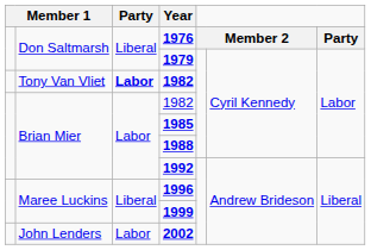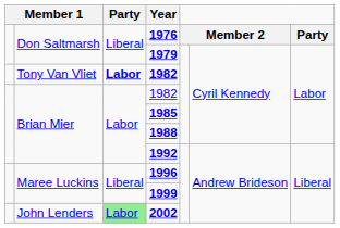 <table class="wikitable">
 <tr>
 <th colspan="2">Member 1</th>
 <th>Party</th>
 <th>Year</th>
 </tr>
 <tr>
 <td rowspan=2 > </td>
 <td rowspan=2><a href='#'>Don Saltmarsh</a></td>
 <td rowspan=2><a href='#'>Liberal</a></td>
 <td><strong><a href='#'>1976</a></strong></td>
 <th colspan="2">Member 2</th>
 <th>Party</th>
 </tr>
 <tr>
 <td><strong><a href='#'>1979</a></strong></td>
 <td rowspan=5 > </td>
 <td rowspan=5><a href='#'>Cyril Kennedy</a></td>
 <td rowspan=5><a href='#'>Labor</a></td>
 </tr>
 <tr>
 <td> </td>
 <td><a href='#'>Tony Van Vliet</a></td>
 <td><strong><a href='#'>Labor</a></strong></td>
 <td><strong><a href='#'>1982</a></strong></td>
 </tr>
 <tr>
 <td rowspan=4 > </td>
 <td rowspan=4><a href='#'>Brian Mier</a></td>
 <td rowspan=4><a href='#'>Labor</a></td>
 <td><a href='#'>1982</a></td>
 </tr>
 <tr>
 <td><strong><a href='#'>1985</a></strong></td>
 </tr>
 <tr>
 <td><strong><a href='#'>1988</a></strong></td>
 </tr>
 <tr>
 <td><strong><a href='#'>1992</a></strong></td>
 <td rowspan=4  > </td>
 <td rowspan=4><a href='#'>Andrew Brideson</a></td>
 <td rowspan=4><a href='#'>Liberal</a></td>
 </tr>
 <tr>
 <td rowspan=2 > </td>
 <td rowspan=2><a href='#'>Maree Luckins</a></td>
 <td rowspan=2><a href='#'>Liberal</a></td>
 <td><strong><a href='#'>1996</a></strong></td>
 </tr>
 <tr>
 <td><strong><a href='#'>1999</a></strong></td>
 </tr>
 <tr>
 <td> </td>
 <td><a href='#'>John Lenders</a></td>
-<td><a href='#'>Labor</a></td>
+<td style="background: lightgreen;"><a href='#'>Labor</a></td>
 <td><strong><a href='#'>2002</a></strong></td>
 </tr>
 </table>
